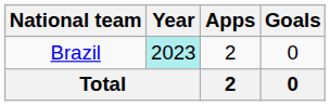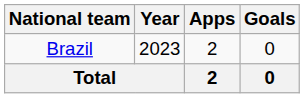 <table class="wikitable" style="text-align: center;">
 <tr>
 <th>National team</th>
 <th>Year</th>
 <th>Apps</th>
 <th>Goals</th>
 </tr>
 <tr>
 <td><a href='#'>Brazil</a></td>
-<td style="background: paleturquoise;">2023</td>
+<td>2023</td>
 <td>2</td>
 <td>0</td>
 </tr>
 <tr>
 <th colspan="2">Total</th>
 <th>2</th>
 <th>0</th>
 </tr>
 </table>
